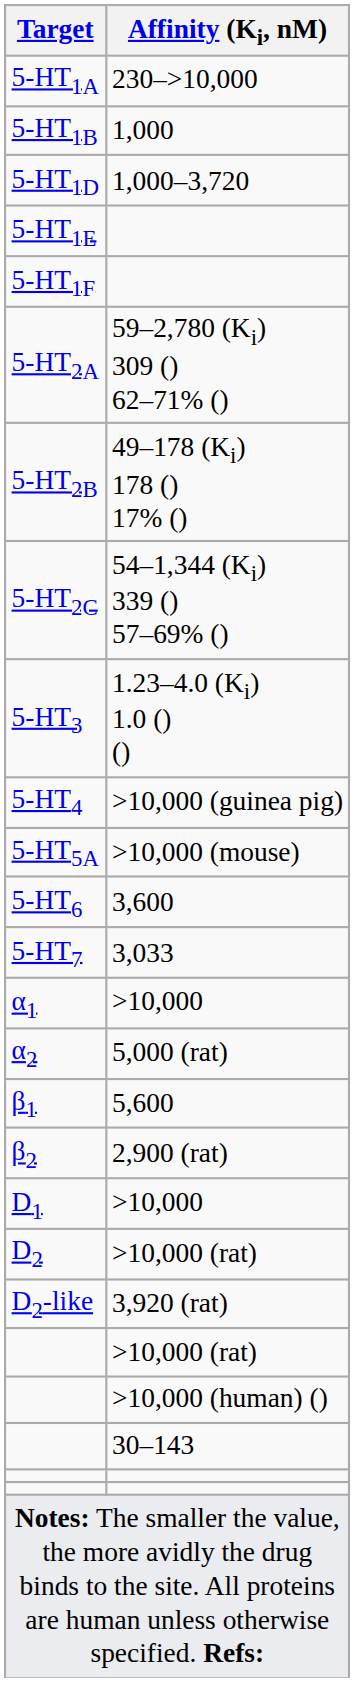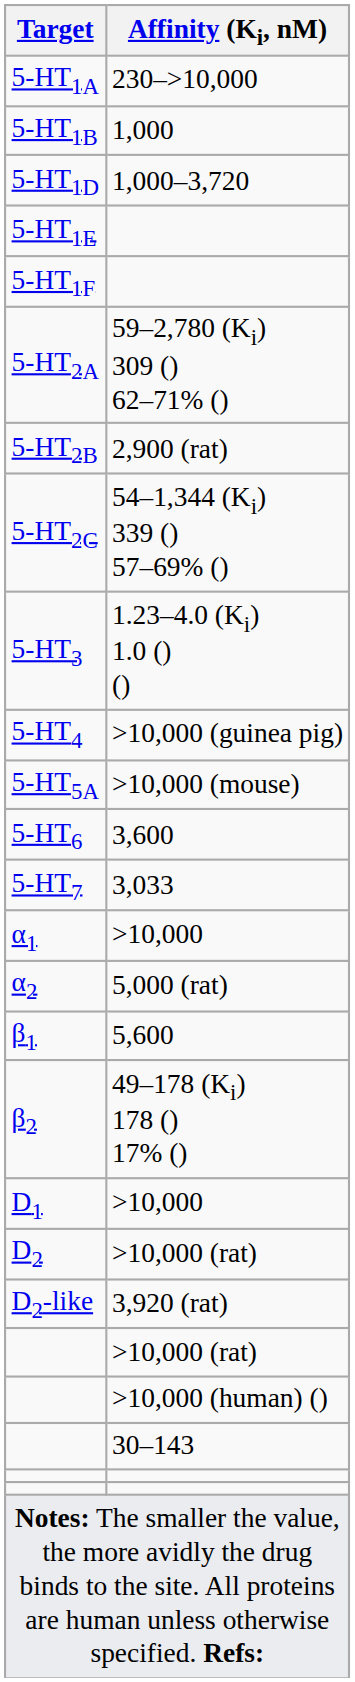 <table class="wikitable floatleft" style="font-size:small;">
 <tr>
 <th><a href='#'>Target</a></th>
 <th><a href='#'>Affinity</a> (K<sub>i</sub>, nM)</th>
 </tr>
 <tr>
 <td><a href='#'>5-HT<sub>1A</sub></a></td>
 <td>230–>10,000</td>
 </tr>
 <tr>
 <td><a href='#'>5-HT<sub>1B</sub></a></td>
 <td>1,000</td>
 </tr>
 <tr>
 <td><a href='#'>5-HT<sub>1D</sub></a></td>
 <td>1,000–3,720</td>
 </tr>
 <tr>
 <td><a href='#'>5-HT<sub>1E</sub></a></td>
 <td></td>
 </tr>
 <tr>
 <td><a href='#'>5-HT<sub>1F</sub></a></td>
 <td></td>
 </tr>
 <tr>
 <td><a href='#'>5-HT<sub>2A</sub></a></td>
 <td>59–2,780 (K<sub>i</sub>)<br>309 ()<br>62–71% ()</td>
 </tr>
 <tr>
 <td><a href='#'>5-HT<sub>2B</sub></a></td>
-<td>49–178 (K<sub>i</sub>)<br>178 ()<br>17% ()</td>
+<td>2,900 (rat)</td>
 </tr>
 <tr>
 <td><a href='#'>5-HT<sub>2C</sub></a></td>
 <td>54–1,344 (K<sub>i</sub>)<br>339 ()<br>57–69% ()</td>
 </tr>
 <tr>
 <td><a href='#'>5-HT<sub>3</sub></a></td>
 <td>1.23–4.0 (K<sub>i</sub>)<br>1.0 ()<br> ()</td>
 </tr>
 <tr>
 <td><a href='#'>5-HT<sub>4</sub></a></td>
 <td>>10,000 (guinea pig)</td>
 </tr>
 <tr>
 <td><a href='#'>5-HT<sub>5A</sub></a></td>
 <td>>10,000 (mouse)</td>
 </tr>
 <tr>
 <td><a href='#'>5-HT<sub>6</sub></a></td>
 <td>3,600</td>
 </tr>
 <tr>
 <td><a href='#'>5-HT<sub>7</sub></a></td>
 <td>3,033</td>
 </tr>
 <tr>
 <td><a href='#'>α<sub>1</sub></a></td>
 <td>>10,000</td>
 </tr>
 <tr>
 <td><a href='#'>α<sub>2</sub></a></td>
 <td>5,000 (rat)</td>
 </tr>
 <tr>
 <td><a href='#'>β<sub>1</sub></a></td>
 <td>5,600</td>
 </tr>
 <tr>
 <td><a href='#'>β<sub>2</sub></a></td>
-<td>2,900 (rat)</td>
+<td>49–178 (K<sub>i</sub>)<br>178 ()<br>17% ()</td>
 </tr>
 <tr>
 <td><a href='#'>D<sub>1</sub></a></td>
 <td>>10,000</td>
 </tr>
 <tr>
 <td><a href='#'>D<sub>2</sub></a></td>
 <td>>10,000 (rat)</td>
 </tr>
 <tr>
 <td><a href='#'>D<sub>2</sub>-like</a></td>
 <td>3,920 (rat)</td>
 </tr>
 <tr>
 <td></td>
 <td>>10,000 (rat)</td>
 </tr>
 <tr>
 <td></td>
 <td>>10,000 (human) ()</td>
 </tr>
 <tr>
 <td></td>
 <td>30–143</td>
 </tr>
 <tr>
 <td></td>
 <td></td>
 </tr>
 <tr>
 <td></td>
 <td></td>
 </tr>
 <tr class="sortbottom">
 <td colspan="2" style="width: 1px; background-color:#eaecf0; text-align: center;"><strong>Notes:</strong> The smaller the value, the more avidly the drug binds to the site. All proteins are human unless otherwise specified. <strong>Refs:</strong> </td>
 </tr>
 </table>
